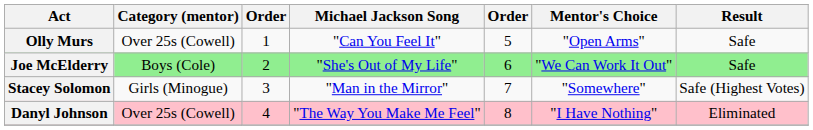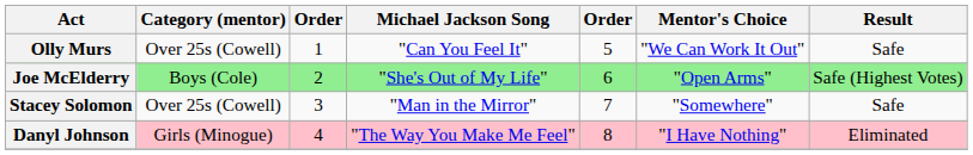 <table class="wikitable plainrowheaders" style="text-align:center;">
 <tr>
 <th scope="col">Act</th>
 <th scope="col">Category (mentor)</th>
 <th scope="col">Order</th>
 <th scope="col">Michael Jackson Song</th>
 <th scope="col">Order</th>
 <th scope="col">Mentor's Choice</th>
 <th scope="col">Result</th>
 </tr>
 <tr>
 <th scope="row">Olly Murs</th>
 <td>Over 25s (Cowell)</td>
 <td>1</td>
 <td>"<a href='#'>Can You Feel It</a>"</td>
 <td>5</td>
-<td>"<a href='#'>Open Arms</a>"</td>
+<td>"<a href='#'>We Can Work It Out</a>"</td>
 <td>Safe</td>
 </tr>
 <tr style="background:lightgreen;">
 <th scope="row">Joe McElderry</th>
 <td>Boys (Cole)</td>
 <td>2</td>
 <td>"<a href='#'>She's Out of My Life</a>"</td>
 <td>6</td>
-<td>"<a href='#'>We Can Work It Out</a>"</td>
-<td>Safe</td>
+<td>"<a href='#'>Open Arms</a>"</td>
+<td>Safe (Highest Votes)</td>
 </tr>
 <tr>
 <th scope="row">Stacey Solomon</th>
-<td>Girls (Minogue)</td>
+<td>Over 25s (Cowell)</td>
 <td>3</td>
 <td>"<a href='#'>Man in the Mirror</a>"</td>
 <td>7</td>
 <td>"<a href='#'>Somewhere</a>"</td>
-<td>Safe (Highest Votes)</td>
+<td>Safe</td>
 </tr>
 <tr style="background: pink">
 <th scope="row">Danyl Johnson</th>
-<td>Over 25s (Cowell)</td>
+<td>Girls (Minogue)</td>
 <td>4</td>
 <td>"<a href='#'>The Way You Make Me Feel</a>"</td>
 <td>8</td>
 <td>"<a href='#'>I Have Nothing</a>"</td>
 <td>Eliminated</td>
 </tr>
 <tr>
 </tr>
 </table>
